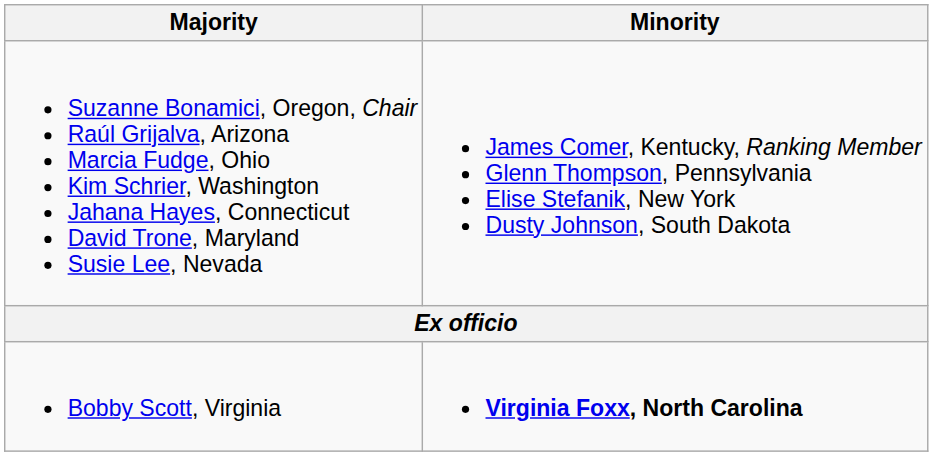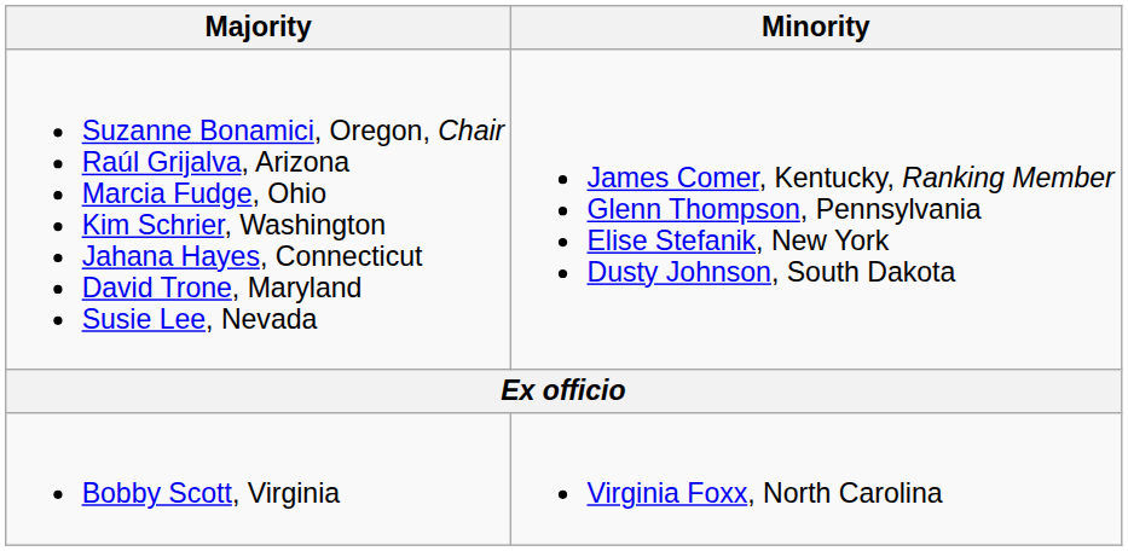 <table class=wikitable>
 <tr>
 <th>Majority</th>
 <th>Minority</th>
 </tr>
 <tr>
 <td><br><ul><li><a href='#'>Suzanne Bonamici</a>, Oregon, <em>Chair</em></li><li><a href='#'>Raúl Grijalva</a>, Arizona</li><li><a href='#'>Marcia Fudge</a>, Ohio</li><li><a href='#'>Kim Schrier</a>, Washington</li><li><a href='#'>Jahana Hayes</a>, Connecticut</li><li><a href='#'>David Trone</a>, Maryland</li><li><a href='#'>Susie Lee</a>, Nevada</li></ul></td>
 <td><br><ul><li><a href='#'>James Comer</a>, Kentucky, <em>Ranking Member</em></li><li><a href='#'>Glenn Thompson</a>, Pennsylvania</li><li><a href='#'>Elise Stefanik</a>, New York</li><li><a href='#'>Dusty Johnson</a>, South Dakota</li></ul></td>
 </tr>
 <tr>
 <th colspan=2><em>Ex officio</em></th>
 </tr>
 <tr>
 <td><br><ul><li><a href='#'>Bobby Scott</a>, Virginia</li></ul></td>
-<td><strong><br><ul><li><a href='#'>Virginia Foxx</a>, North Carolina</li></ul></strong></td>
+<td><br><ul><li><a href='#'>Virginia Foxx</a>, North Carolina</li></ul></td>
 </tr>
 </table>
